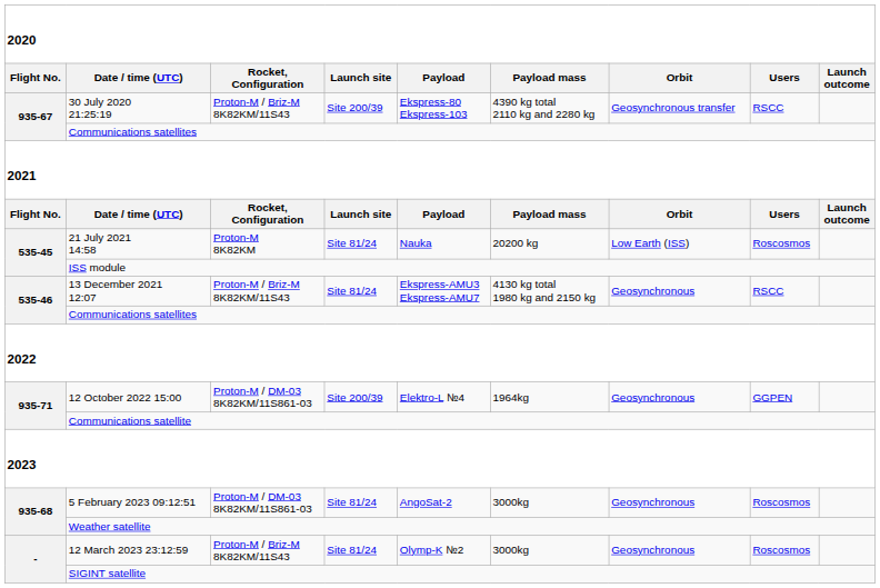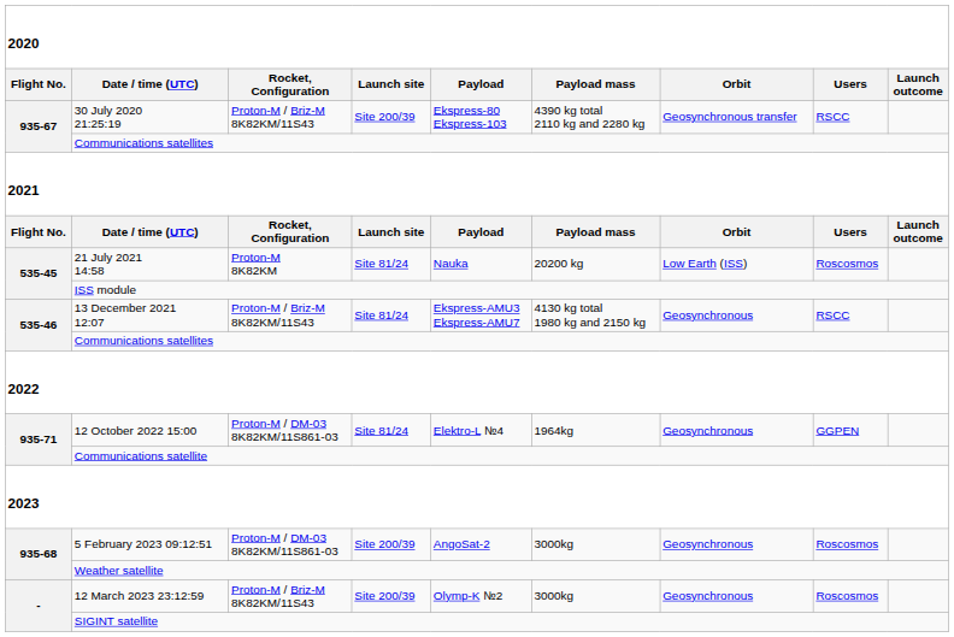 <table class="wikitable plainrowheaders" style="width: 100%;">
 <tr>
 <td colspan=9 style="background:white;"><br><h3>2020</h3></td>
 </tr>
 <tr>
 <th scope="col">Flight No.</th>
 <th scope="col">Date / time (<a href='#'>UTC</a>)</th>
 <th scope="col">Rocket,<br>Configuration</th>
 <th scope="col">Launch site</th>
 <th scope="col">Payload</th>
 <th scope="col">Payload mass</th>
 <th scope="col">Orbit</th>
 <th scope="col">Users</th>
 <th scope="col">Launch<br>outcome</th>
 </tr>
 <tr>
 <th scope="row" rowspan=2 style="text-align:center;">935-67</th>
 <td>30 July 2020<br>21:25:19</td>
 <td><a href='#'>Proton-M</a> / <a href='#'>Briz-M</a><br>8K82KM/11S43</td>
 <td><a href='#'>Site 200/39</a></td>
 <td><a href='#'>Ekspress-80</a><br><a href='#'>Ekspress-103</a></td>
 <td>4390 kg total<br>2110 kg and 2280 kg</td>
 <td><a href='#'>Geosynchronous transfer</a></td>
 <td><a href='#'>RSCC</a></td>
 <td></td>
 </tr>
 <tr>
 <td colspan=9><a href='#'>Communications satellites</a></td>
 </tr>
 <tr>
 <td colspan=9 style="background:white;"><br><h3>2021</h3></td>
 </tr>
 <tr>
 <th scope="col">Flight No.</th>
 <th scope="col">Date / time (<a href='#'>UTC</a>)</th>
 <th scope="col">Rocket, <br> Configuration</th>
 <th scope="col">Launch site</th>
 <th scope="col">Payload</th>
 <th scope="col">Payload mass</th>
 <th scope="col">Orbit</th>
 <th scope="col">Users</th>
 <th scope="col">Launch <br> outcome</th>
 </tr>
 <tr>
 <th scope="row" rowspan=2 style="text-align:center;">535-45</th>
 <td>21 July 2021<br>14:58</td>
 <td><a href='#'>Proton-M</a><br>8K82KM</td>
 <td><a href='#'>Site 81/24</a></td>
 <td><a href='#'>Nauka</a></td>
 <td>20200 kg</td>
 <td><a href='#'>Low Earth</a> (<a href='#'>ISS</a>)</td>
 <td><a href='#'>Roscosmos</a></td>
 <td></td>
 </tr>
 <tr>
 <td colspan=9><a href='#'>ISS</a> module</td>
 </tr>
 <tr>
 <th scope="row" rowspan=2 style="text-align:center;">535-46</th>
 <td>13 December 2021<br>12:07</td>
 <td><a href='#'>Proton-M</a> / <a href='#'>Briz-M</a><br>8K82KM/11S43</td>
 <td><a href='#'>Site 81/24</a></td>
 <td><a href='#'>Ekspress-AMU3</a> <br> <a href='#'>Ekspress-AMU7</a></td>
 <td>4130 kg total<br>1980 kg and 2150 kg</td>
 <td><a href='#'>Geosynchronous</a></td>
 <td><a href='#'>RSCC</a></td>
 <td></td>
 </tr>
 <tr>
 <td colspan=9><a href='#'>Communications satellites</a></td>
 </tr>
 <tr>
 <td colspan=9 style="background:white;"><br><h3>2022</h3></td>
 </tr>
 <tr>
 <th scope="row" rowspan=2 style="text-align:center;">935-71</th>
 <td>12 October 2022 15:00</td>
 <td><a href='#'>Proton-M</a> / <a href='#'>DM-03</a> <br>8K82KM/11S861-03</td>
-<td><a href='#'>Site 200/39</a></td>
+<td><a href='#'>Site 81/24</a></td>
 <td><a href='#'>Elektro-L</a> №4</td>
 <td>1964kg</td>
 <td><a href='#'>Geosynchronous</a></td>
 <td><a href='#'>GGPEN</a></td>
 <td></td>
 </tr>
 <tr>
 <td colspan="9"><a href='#'>Communications satellite</a></td>
 </tr>
 <tr>
 <td colspan=9 style="background:white;"><br><h3>2023</h3></td>
 </tr>
 <tr>
 <th scope="row" rowspan=2 style="text-align:center;">935-68</th>
 <td>5 February 2023 09:12:51</td>
 <td><a href='#'>Proton-M</a> / <a href='#'>DM-03</a> <br>8K82KM/11S861-03</td>
-<td><a href='#'>Site 81/24</a></td>
+<td><a href='#'>Site 200/39</a></td>
 <td><a href='#'>AngoSat-2</a></td>
 <td>3000kg</td>
 <td><a href='#'>Geosynchronous</a></td>
 <td><a href='#'>Roscosmos</a></td>
 <td></td>
 </tr>
 <tr>
 <td colspan="9"><a href='#'>Weather satellite</a></td>
 </tr>
 <tr>
 <th scope="row" rowspan=2 style="text-align:center;">-</th>
 <td>12 March 2023 23:12:59</td>
 <td><a href='#'>Proton-M</a> / <a href='#'>Briz-M</a> <br>8K82KM/11S43</td>
-<td><a href='#'>Site 81/24</a></td>
+<td><a href='#'>Site 200/39</a></td>
 <td><a href='#'>Olymp-K</a> №2</td>
 <td>3000kg</td>
 <td><a href='#'>Geosynchronous</a></td>
 <td><a href='#'>Roscosmos</a></td>
 <td></td>
 </tr>
 <tr>
 <td colspan="9"><a href='#'>SIGINT satellite</a></td>
 </tr>
 </table>
